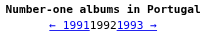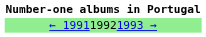 <table class="toc" id="toc" summary="Contents">
 <tr>
 <th>Number-one albums in Portugal</th>
 </tr>
 <tr>
-<td align="center"><a href='#'>← 1991</a>1992<a href='#'>1993 →</a></td>
+<td align="center" style="background: lightgreen;"><a href='#'>← 1991</a>1992<a href='#'>1993 →</a></td>
 </tr>
 </table>
